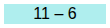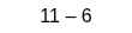 <table style="text-align:center">
 <tr>
 <th width=200></th>
 <th width=100></th>
 <th width=200></th>
 </tr>
 <tr>
 <td align=right><strong></strong></td>
-<td style="background: paleturquoise;">11 – 6</td>
+<td>11 – 6</td>
 <td align=left></td>
 </tr>
 </table>
